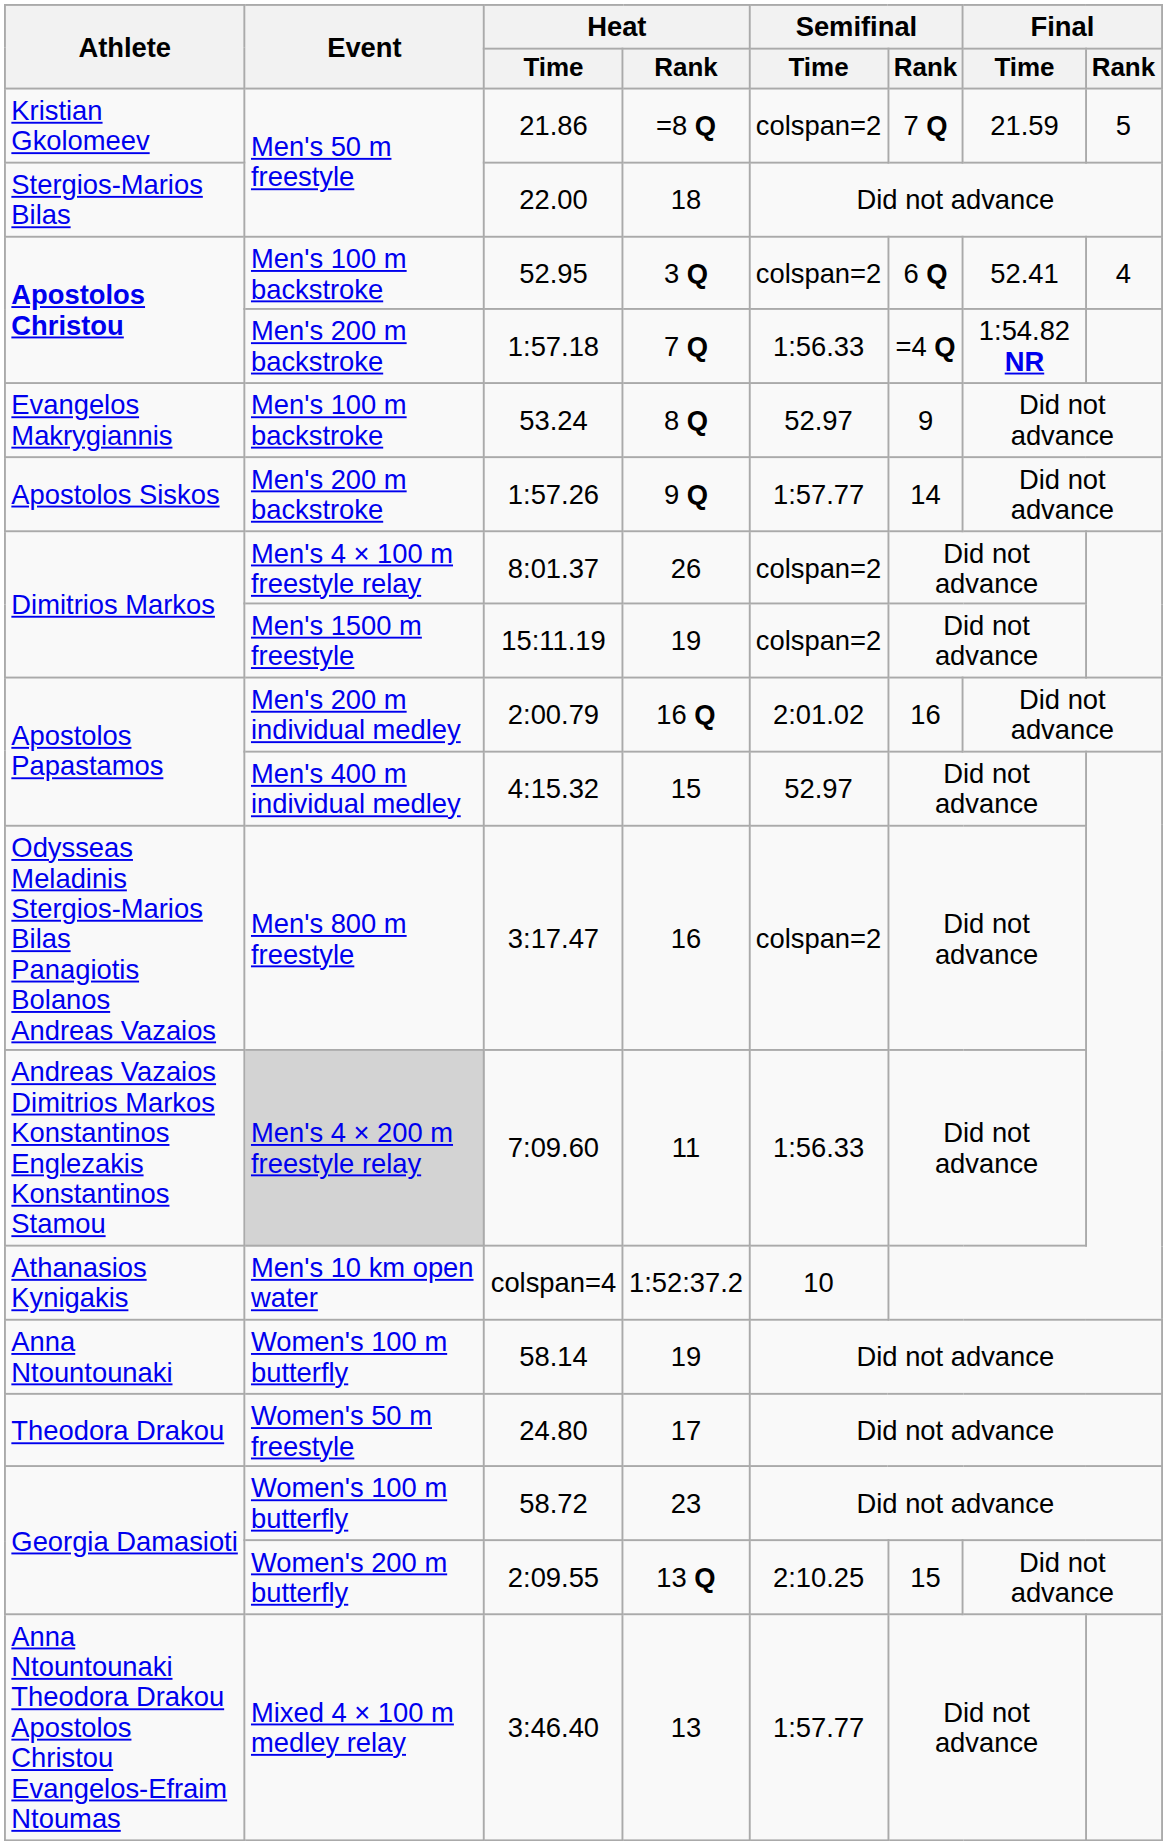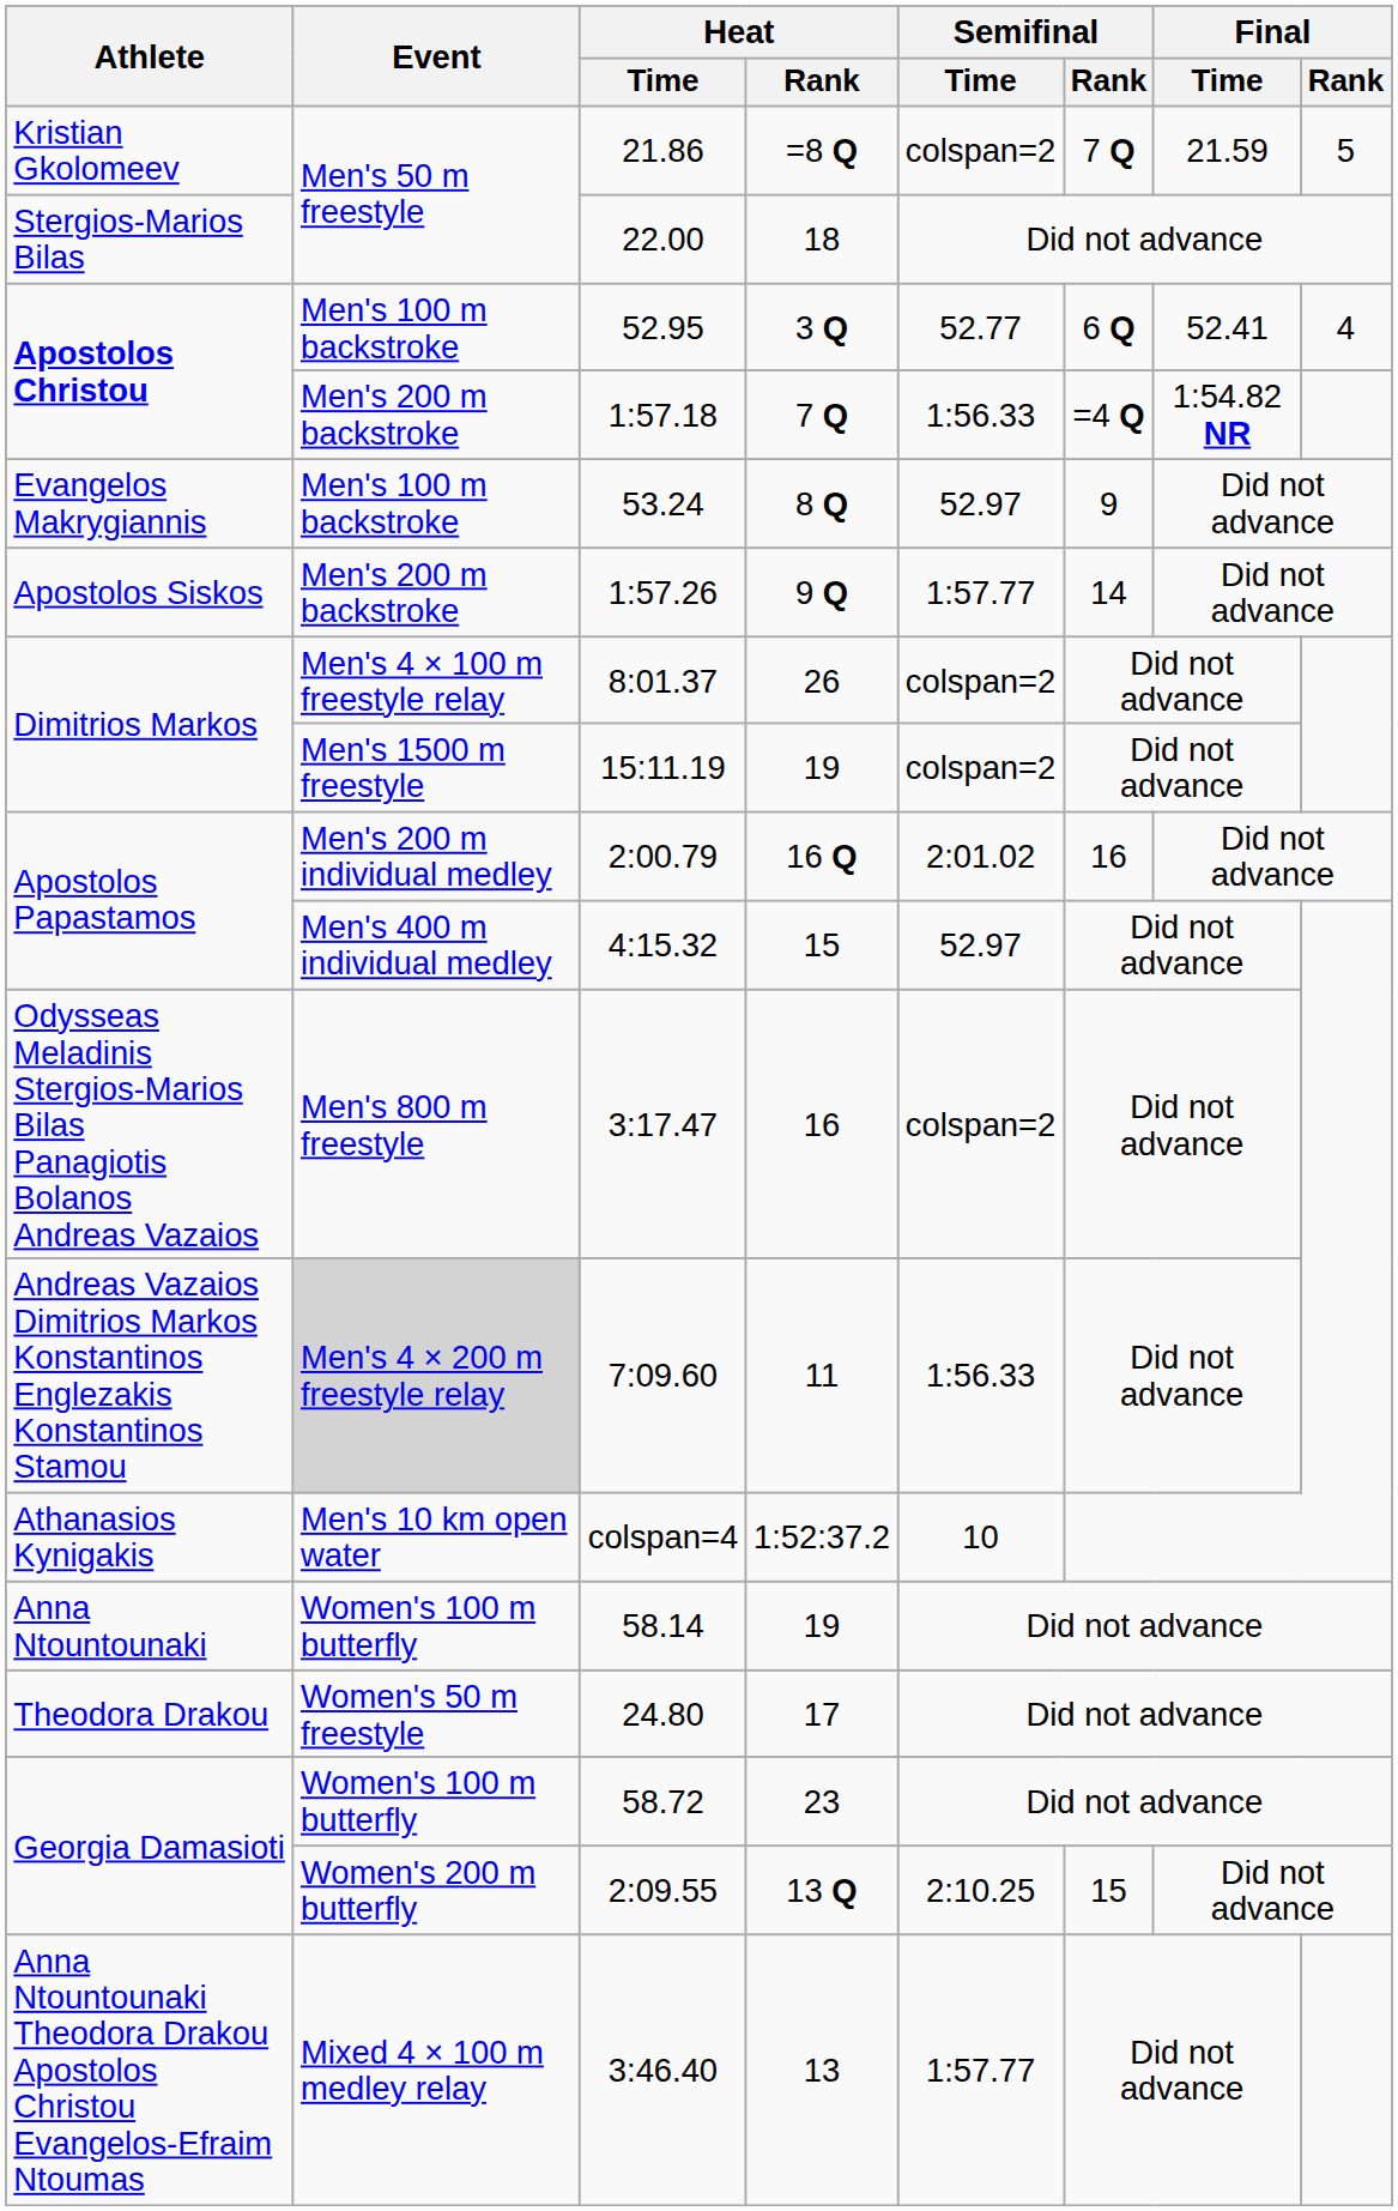 <table class=wikitable style="font-size:90%">
 <tr>
 <th rowspan="2">Athlete</th>
 <th rowspan="2">Event</th>
 <th colspan="2">Heat</th>
 <th colspan="2">Semifinal</th>
 <th colspan="2">Final</th>
 </tr>
 <tr style="font-size:95%">
 <th>Time</th>
 <th>Rank</th>
 <th>Time</th>
 <th>Rank</th>
 <th>Time</th>
 <th>Rank</th>
 </tr>
 <tr align=center>
 <td align=left><a href='#'>Kristian Gkolomeev</a></td>
 <td align=left rowspan=2><a href='#'>Men's 50 m freestyle</a></td>
 <td>21.86</td>
 <td>=8 <strong>Q</strong></td>
 <td>colspan=2 </td>
 <td>7 <strong>Q</strong></td>
 <td>21.59</td>
 <td>5</td>
 </tr>
 <tr align=center>
 <td align=left><a href='#'>Stergios-Marios Bilas</a></td>
 <td>22.00</td>
 <td>18</td>
 <td colspan=4>Did not advance</td>
 </tr>
 <tr align=center>
 <td align=left rowspan=2><strong><a href='#'>Apostolos Christou</a></strong></td>
 <td align=left><a href='#'>Men's 100 m backstroke</a></td>
 <td>52.95</td>
 <td>3 <strong>Q</strong></td>
-<td>colspan=2 </td>
+<td>52.77</td>
 <td>6 <strong>Q</strong></td>
 <td>52.41</td>
 <td>4</td>
 </tr>
 <tr align=center>
 <td align=left><a href='#'>Men's 200 m backstroke</a></td>
 <td>1:57.18</td>
 <td>7 <strong>Q</strong></td>
 <td>1:56.33</td>
 <td>=4 <strong>Q</strong></td>
 <td>1:54.82 <strong><a href='#'>NR</a></strong></td>
 <td></td>
 </tr>
 <tr align=center>
 <td align=left><a href='#'>Evangelos Makrygiannis</a></td>
 <td align=left><a href='#'>Men's 100 m backstroke</a></td>
 <td>53.24</td>
 <td>8 <strong>Q</strong></td>
 <td>52.97</td>
 <td>9</td>
 <td colspan=2>Did not advance</td>
 </tr>
 <tr align=center>
 <td align=left><a href='#'>Apostolos Siskos</a></td>
 <td align=left><a href='#'>Men's 200 m backstroke</a></td>
 <td>1:57.26</td>
 <td>9 <strong>Q</strong></td>
 <td>1:57.77</td>
 <td>14</td>
 <td colspan=2>Did not advance</td>
 </tr>
 <tr align=center>
 <td align=left rowspan=2><a href='#'>Dimitrios Markos</a></td>
 <td align=left><a href='#'>Men's 4 × 100 m freestyle relay</a></td>
 <td>8:01.37</td>
 <td>26</td>
 <td>colspan=2 </td>
 <td colspan=2>Did not advance</td>
 </tr>
 <tr align=center>
 <td align=left><a href='#'>Men's 1500 m freestyle</a></td>
 <td>15:11.19</td>
 <td>19</td>
 <td>colspan=2 </td>
 <td colspan=2>Did not advance</td>
 </tr>
 <tr align=center>
 <td align=left rowspan=2><a href='#'>Apostolos Papastamos</a></td>
 <td align=left><a href='#'>Men's 200 m individual medley</a></td>
 <td>2:00.79</td>
 <td>16 <strong>Q</strong></td>
 <td>2:01.02</td>
 <td>16</td>
 <td colspan=2>Did not advance</td>
 </tr>
 <tr align=center>
 <td align=left><a href='#'>Men's 400 m individual medley</a></td>
 <td>4:15.32</td>
 <td>15</td>
 <td>52.97</td>
 <td colspan=2>Did not advance</td>
 </tr>
 <tr align=center>
 <td align=left><a href='#'>Odysseas Meladinis</a><br><a href='#'>Stergios-Marios Bilas</a><br><a href='#'>Panagiotis Bolanos</a><br><a href='#'>Andreas Vazaios</a></td>
 <td align=left><a href='#'>Men's 800 m freestyle</a></td>
 <td>3:17.47</td>
 <td>16</td>
 <td>colspan=2 </td>
 <td colspan=2>Did not advance</td>
 </tr>
 <tr align=center>
 <td align=left><a href='#'>Andreas Vazaios</a><br><a href='#'>Dimitrios Markos</a><br><a href='#'>Konstantinos Englezakis</a><br><a href='#'>Konstantinos Stamou</a></td>
 <td align=left style="background: lightgrey;"><a href='#'>Men's 4 × 200 m freestyle relay</a></td>
 <td>7:09.60</td>
 <td>11</td>
 <td>1:56.33</td>
 <td colspan=2>Did not advance</td>
 </tr>
 <tr align=center>
 <td align=left><a href='#'>Athanasios Kynigakis</a></td>
 <td align=left><a href='#'>Men's 10 km open water</a></td>
 <td>colspan=4 </td>
 <td>1:52:37.2</td>
 <td>10</td>
 </tr>
 <tr align=center>
 <td align=left><a href='#'>Anna Ntountounaki</a></td>
 <td align=left><a href='#'>Women's 100 m butterfly</a></td>
 <td>58.14</td>
 <td>19</td>
 <td colspan=4>Did not advance</td>
 </tr>
 <tr align=center>
 <td align=left><a href='#'>Theodora Drakou</a></td>
 <td align=left><a href='#'>Women's 50 m freestyle</a></td>
 <td>24.80</td>
 <td>17</td>
 <td colspan=4>Did not advance</td>
 </tr>
 <tr align=center>
 <td align=left rowspan=2><a href='#'>Georgia Damasioti</a></td>
 <td align=left><a href='#'>Women's 100 m butterfly</a></td>
 <td>58.72</td>
 <td>23</td>
 <td colspan=4>Did not advance</td>
 </tr>
 <tr align=center>
 <td align=left><a href='#'>Women's 200 m butterfly</a></td>
 <td>2:09.55</td>
 <td>13 <strong>Q</strong></td>
 <td>2:10.25</td>
 <td>15</td>
 <td colspan=2>Did not advance</td>
 </tr>
 <tr align=center>
 <td align=left><a href='#'>Anna Ntountounaki</a><br><a href='#'>Theodora Drakou</a><br><a href='#'>Apostolos Christou</a><br><a href='#'>Evangelos-Efraim Ntoumas</a></td>
 <td align=left><a href='#'>Mixed 4 × 100 m medley relay</a></td>
 <td>3:46.40</td>
 <td>13</td>
 <td>1:57.77</td>
 <td colspan=2>Did not advance</td>
 </tr>
 </table>
